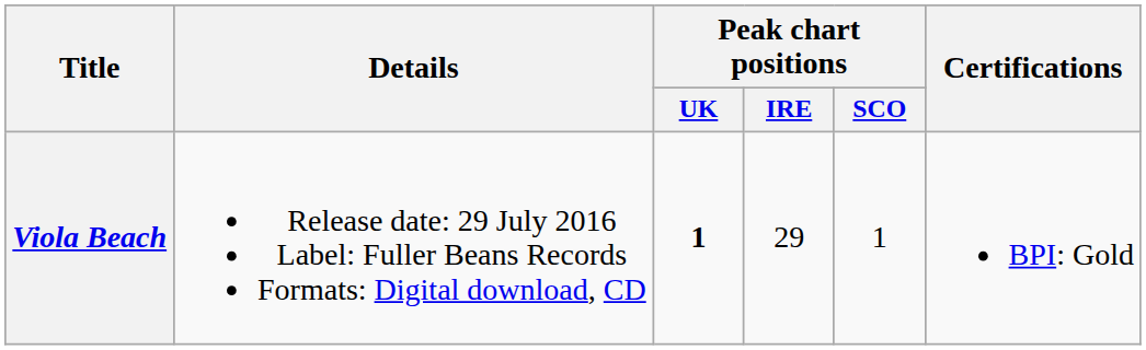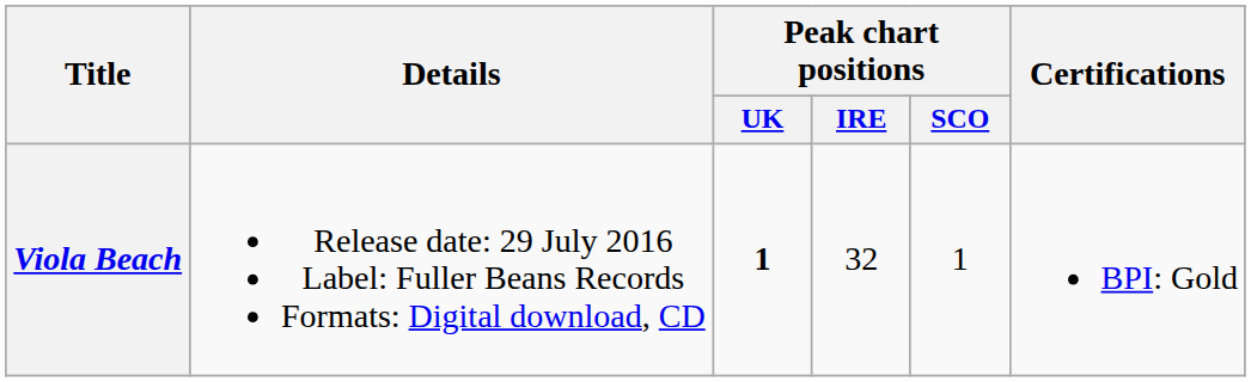 <table class="wikitable plainrowheaders" style="text-align:center;">
 <tr>
 <th scope="col" rowspan="2">Title</th>
 <th scope="col" rowspan="2">Details</th>
 <th scope="col" colspan="3">Peak chart positions</th>
 <th scope="col" rowspan="2">Certifications</th>
 </tr>
 <tr>
 <th scope="col" style="width:3em;font-size:85%;"><a href='#'>UK</a><br></th>
 <th scope="col" style="width:3em;font-size:85%;"><a href='#'>IRE</a><br></th>
 <th scope="col" style="width:3em;font-size:85%;"><a href='#'>SCO</a><br></th>
 </tr>
 <tr>
 <th scope="row"><em><a href='#'>Viola Beach</a></em></th>
 <td><br><ul><li>Release date: 29 July 2016</li><li>Label: Fuller Beans Records</li><li>Formats: <a href='#'>Digital download</a>, <a href='#'>CD</a></li></ul></td>
 <td><strong>1</strong></td>
-<td>29</td>
+<td>32</td>
 <td>1</td>
 <td><br><ul><li><a href='#'>BPI</a>: Gold</li></ul></td>
 </tr>
 </table>
